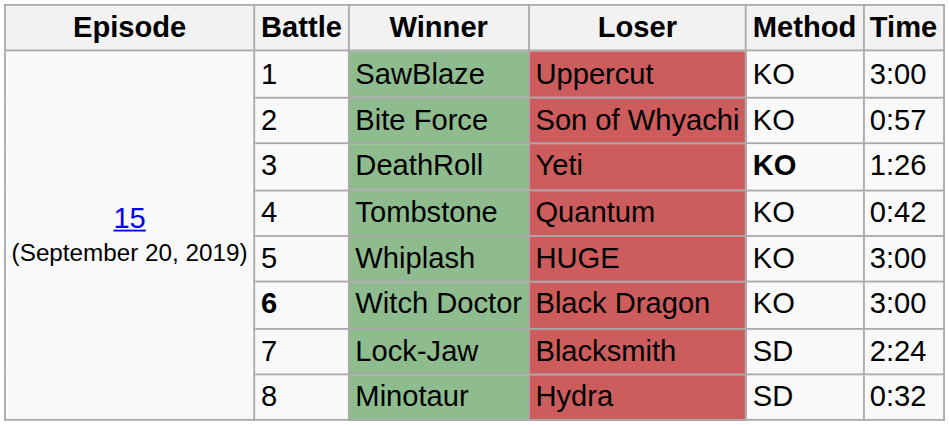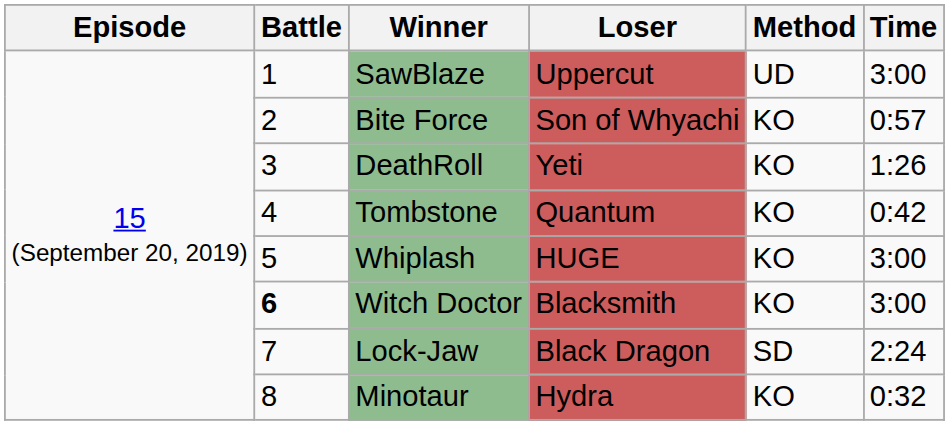 <table class="wikitable">
 <tr>
 <th>Episode</th>
 <th>Battle</th>
 <th>Winner</th>
 <th>Loser</th>
 <th>Method</th>
 <th>Time</th>
 </tr>
 <tr>
 <td style="text-align:center;" rowspan="8"><a href='#'>15</a><br><small>(September 20, 2019)</small></td>
 <td> 1</td>
 <td style="background:DarkSeaGreen;">SawBlaze</td>
 <td style="background:IndianRed;">Uppercut</td>
-<td>KO</td>
+<td>UD</td>
 <td>3:00</td>
 </tr>
 <tr>
 <td>2</td>
 <td style="background:DarkSeaGreen;">Bite Force</td>
 <td style="background:IndianRed;">Son of Whyachi</td>
 <td>KO</td>
 <td>0:57</td>
 </tr>
 <tr>
 <td>3</td>
 <td style="background:DarkSeaGreen;">DeathRoll</td>
 <td style="background:IndianRed;">Yeti</td>
-<td><strong>KO</strong></td>
+<td>KO</td>
 <td>1:26</td>
 </tr>
 <tr>
 <td>4</td>
 <td style="background:DarkSeaGreen;">Tombstone</td>
 <td style="background:IndianRed;">Quantum</td>
 <td>KO</td>
 <td>0:42</td>
 </tr>
 <tr>
 <td>5</td>
 <td style="background:DarkSeaGreen;">Whiplash</td>
 <td style="background:IndianRed;">HUGE</td>
 <td>KO</td>
 <td>3:00</td>
 </tr>
 <tr>
 <td><strong>6</strong></td>
 <td style="background:DarkSeaGreen;">Witch Doctor</td>
-<td style="background:IndianRed;">Black Dragon</td>
+<td style="background:IndianRed;">Blacksmith</td>
 <td>KO</td>
 <td>3:00</td>
 </tr>
 <tr>
 <td>7</td>
 <td style="background:DarkSeaGreen;">Lock-Jaw</td>
-<td style="background:IndianRed;">Blacksmith</td>
+<td style="background:IndianRed;">Black Dragon</td>
 <td>SD</td>
 <td>2:24</td>
 </tr>
 <tr>
 <td>8</td>
 <td style="background:DarkSeaGreen;">Minotaur</td>
 <td style="background:IndianRed;">Hydra</td>
-<td>SD</td>
+<td>KO</td>
 <td>0:32</td>
 </tr>
 </table>
